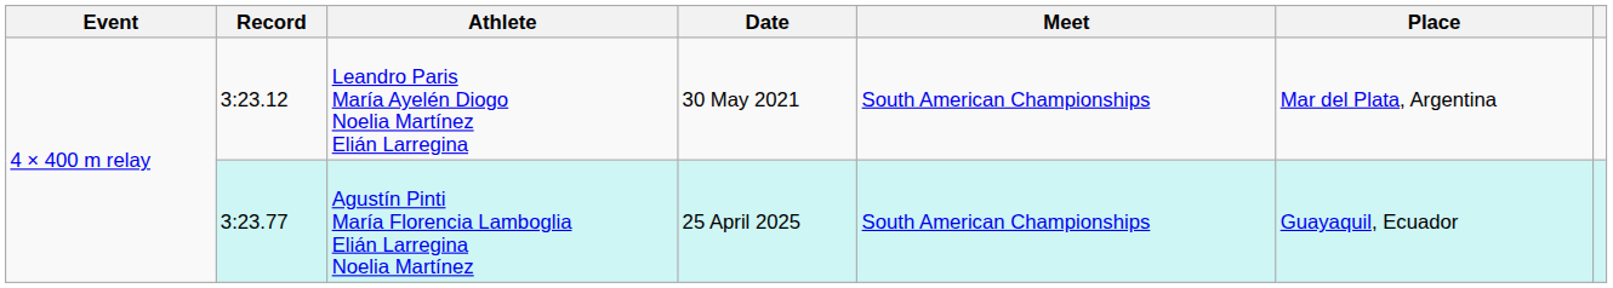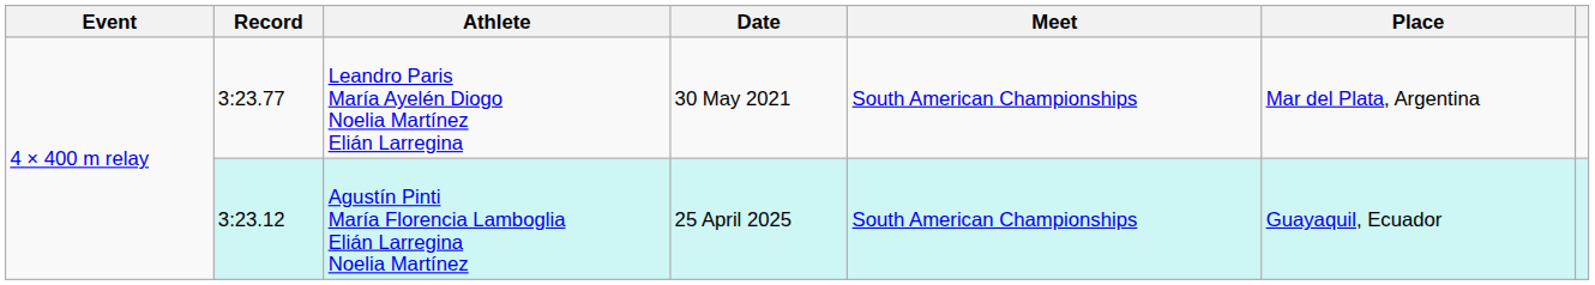 <table class="wikitable" style="font-size:95%; width: 95%;">
 <tr>
 <th>Event</th>
 <th>Record</th>
 <th>Athlete</th>
 <th>Date</th>
 <th>Meet</th>
 <th>Place</th>
 <th></th>
 </tr>
 <tr>
 <td rowspan=2><a href='#'>4 × 400 m relay</a></td>
-<td>3:23.12</td>
+<td>3:23.77</td>
 <td><br><a href='#'>Leandro Paris</a><br><a href='#'>María Ayelén Diogo</a><br><a href='#'>Noelia Martínez</a><br><a href='#'>Elián Larregina</a></td>
 <td>30 May 2021</td>
 <td><a href='#'>South American Championships</a></td>
 <td><a href='#'>Mar del Plata</a>, Argentina</td>
 <td></td>
 </tr>
 <tr bgcolor=#CEF6F5>
-<td>3:23.77</td>
+<td>3:23.12</td>
 <td><br><a href='#'>Agustín Pinti</a><br><a href='#'>María Florencia Lamboglia</a><br><a href='#'>Elián Larregina</a><br><a href='#'>Noelia Martínez</a></td>
 <td>25 April 2025</td>
 <td><a href='#'>South American Championships</a></td>
 <td><a href='#'>Guayaquil</a>, Ecuador</td>
 <td></td>
 </tr>
 </table>
